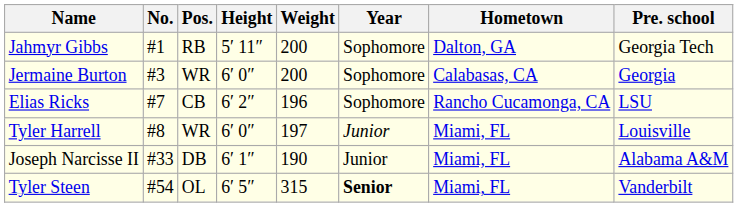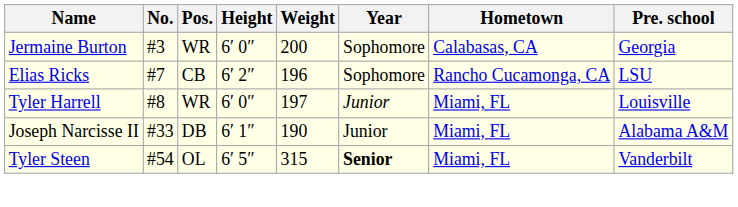 <table class="wikitable sortable">
 <tr>
 <th style="text-align:center; ">Name</th>
 <th style="text-align:center; ">No.</th>
 <th style="text-align:center; ">Pos.</th>
 <th style="text-align:center; ">Height</th>
 <th style="text-align:center; ">Weight</th>
 <th style="text-align:center; ">Year</th>
 <th style="text-align:center; ">Hometown</th>
 <th style="text-align:center; ">Pre. school</th>
-</tr>
-<tr style="background:#FFFFE6;">
-<td><a href='#'>Jahmyr Gibbs</a></td>
-<td>#1</td>
-<td>RB</td>
-<td>5′ 11″</td>
-<td>200</td>
-<td>Sophomore</td>
-<td><a href='#'>Dalton, GA</a></td>
-<td>Georgia Tech</td>
 </tr>
 <tr style="background:#FFFFE6;">
 <td><a href='#'>Jermaine Burton</a></td>
 <td>#3</td>
 <td>WR</td>
 <td>6′ 0″</td>
 <td>200</td>
 <td>Sophomore</td>
 <td><a href='#'>Calabasas, CA</a></td>
 <td><a href='#'>Georgia</a></td>
 </tr>
 <tr style="background:#FFFFE6;">
 <td><a href='#'>Elias Ricks</a></td>
 <td>#7</td>
 <td>CB</td>
 <td>6′ 2″</td>
 <td>196</td>
 <td>Sophomore</td>
 <td><a href='#'>Rancho Cucamonga, CA</a></td>
 <td><a href='#'>LSU</a></td>
 </tr>
 <tr style="background:#FFFFE6;">
 <td><a href='#'>Tyler Harrell</a></td>
 <td>#8</td>
 <td>WR</td>
 <td>6′ 0″</td>
 <td>197</td>
 <td><em> Junior</em></td>
 <td><a href='#'>Miami, FL</a></td>
 <td><a href='#'>Louisville</a></td>
 </tr>
 <tr style="background:#FFFFE6;">
 <td>Joseph Narcisse II</td>
 <td>#33</td>
 <td>DB</td>
 <td>6′ 1″</td>
 <td>190</td>
 <td>Junior</td>
 <td><a href='#'>Miami, FL</a></td>
 <td><a href='#'>Alabama A&M</a></td>
 </tr>
 <tr style="background:#FFFFE6;">
 <td><a href='#'>Tyler Steen</a></td>
 <td>#54</td>
 <td>OL</td>
 <td>6′ 5″</td>
 <td>315</td>
 <td><strong>Senior</strong></td>
 <td><a href='#'>Miami, FL</a></td>
 <td><a href='#'>Vanderbilt</a></td>
 </tr>
 </table>
